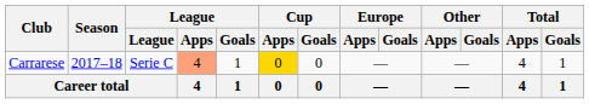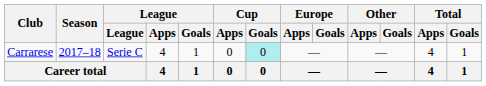 <table class="wikitable" style="text-align: center;">
 <tr>
 <th rowspan="2">Club</th>
 <th rowspan="2">Season</th>
 <th colspan="3">League</th>
 <th colspan="2">Cup</th>
 <th colspan="2">Europe</th>
 <th colspan="2">Other</th>
 <th colspan="2">Total</th>
 </tr>
 <tr>
 <th>League</th>
 <th>Apps</th>
 <th>Goals</th>
 <th>Apps</th>
 <th>Goals</th>
 <th>Apps</th>
 <th>Goals</th>
 <th>Apps</th>
 <th>Goals</th>
 <th>Apps</th>
 <th>Goals</th>
 </tr>
 <tr>
 <td><a href='#'>Carrarese</a></td>
 <td><a href='#'>2017–18</a></td>
 <td><a href='#'>Serie C</a></td>
-<td style="background: lightsalmon;">4</td>
+<td>4</td>
 <td>1</td>
-<td style="background: gold;">0</td>
 <td>0</td>
+<td style="background: paleturquoise;">0</td>
 <td colspan="2">—</td>
 <td colspan="2">—</td>
 <td>4</td>
 <td>1</td>
 </tr>
 <tr>
 <th colspan="3">Career total</th>
 <th>4</th>
 <th>1</th>
 <th>0</th>
 <th>0</th>
 <th colspan="2">—</th>
 <th colspan="2">—</th>
 <th>4</th>
 <th>1</th>
 </tr>
 </table>
